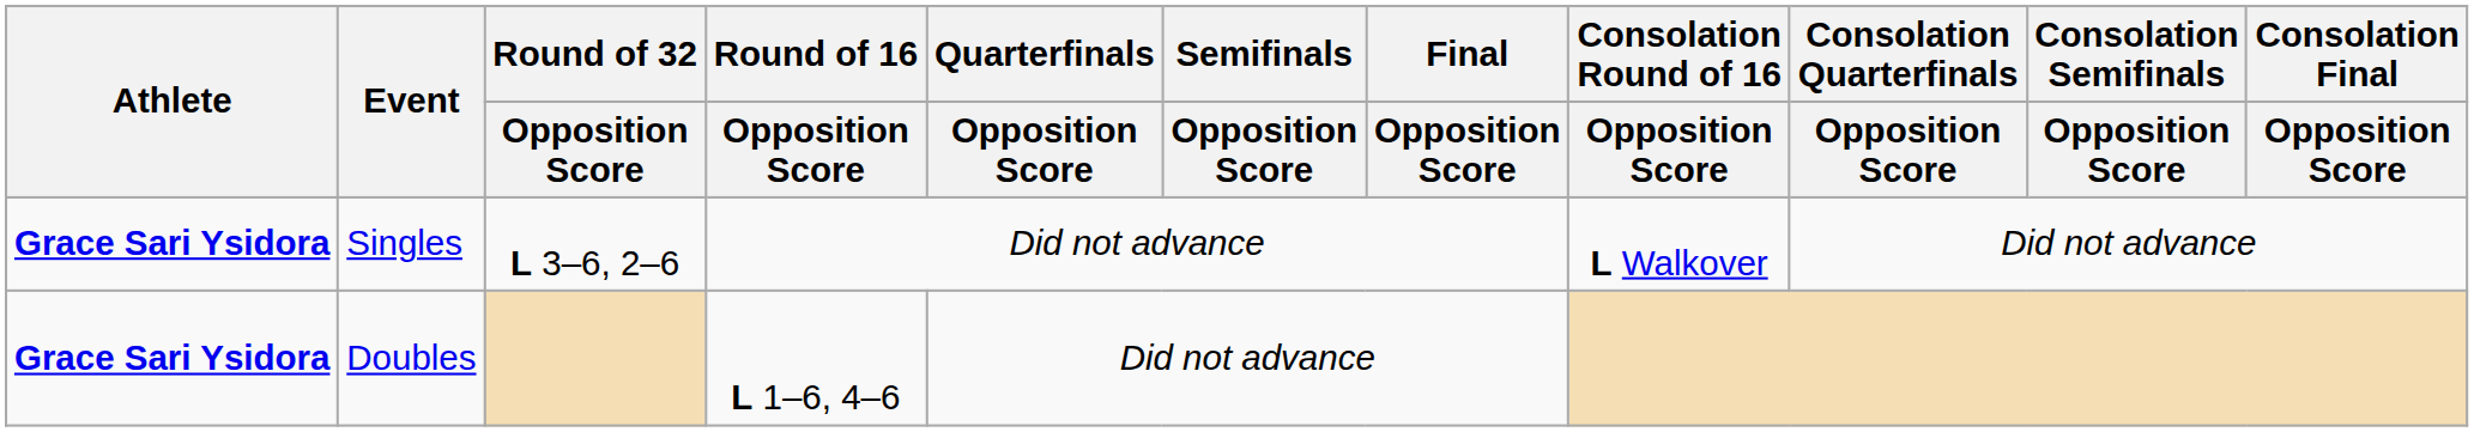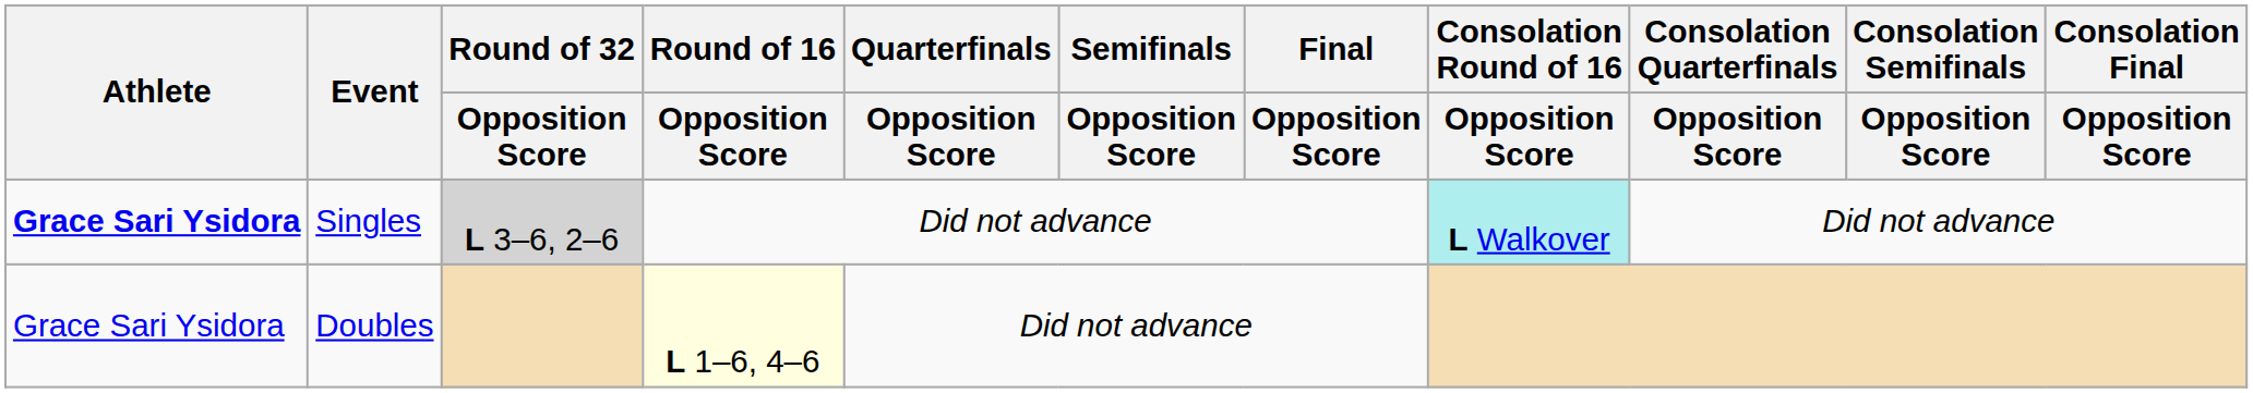 <table class="wikitable" border="1" style="font-size:90%">
 <tr>
 <th rowspan=2>Athlete</th>
 <th rowspan=2>Event</th>
 <th>Round of 32</th>
 <th>Round of 16</th>
 <th>Quarterfinals</th>
 <th>Semifinals</th>
 <th>Final</th>
 <th>Consolation<br>Round of 16</th>
 <th>Consolation<br>Quarterfinals</th>
 <th>Consolation<br>Semifinals</th>
 <th>Consolation<br>Final</th>
 </tr>
 <tr>
 <th>Opposition<br>Score</th>
 <th>Opposition<br>Score</th>
 <th>Opposition<br>Score</th>
 <th>Opposition<br>Score</th>
 <th>Opposition<br>Score</th>
 <th>Opposition<br>Score</th>
 <th>Opposition<br>Score</th>
 <th>Opposition<br>Score</th>
 <th>Opposition<br>Score</th>
 </tr>
 <tr>
 <td><strong><a href='#'>Grace Sari Ysidora</a></strong></td>
 <td><a href='#'>Singles</a></td>
-<td align=center><br><strong>L</strong> 3–6, 2–6</td>
+<td align=center style="background: lightgrey;"><br><strong>L</strong> 3–6, 2–6</td>
 <td colspan=4 align=center><em>Did not advance</em></td>
-<td align=center><br><strong>L</strong> <a href='#'>Walkover</a></td>
+<td align=center style="background: paleturquoise;"><br><strong>L</strong> <a href='#'>Walkover</a></td>
 <td colspan=3 align=center><em>Did not advance</em></td>
 </tr>
 <tr>
-<td><strong><a href='#'>Grace Sari Ysidora</a><br></strong></td>
+<td><a href='#'>Grace Sari Ysidora</a><br></td>
 <td><a href='#'>Doubles</a></td>
 <td colspan=1 bgcolor=wheat></td>
-<td align=center><br><br><strong>L</strong> 1–6, 4–6</td>
+<td align=center style="background: lightyellow;"><br><br><strong>L</strong> 1–6, 4–6</td>
 <td colspan=3 align=center><em>Did not advance</em></td>
 <td colspan=4 bgcolor=wheat></td>
 </tr>
 </table>
